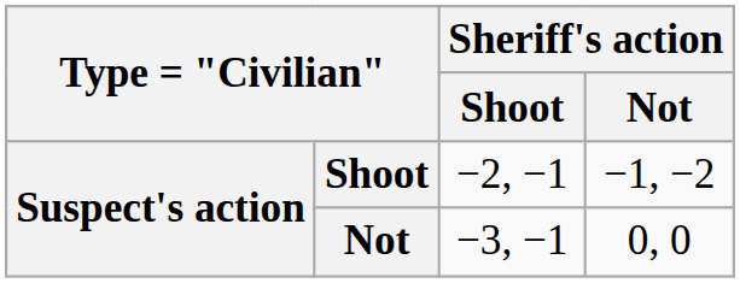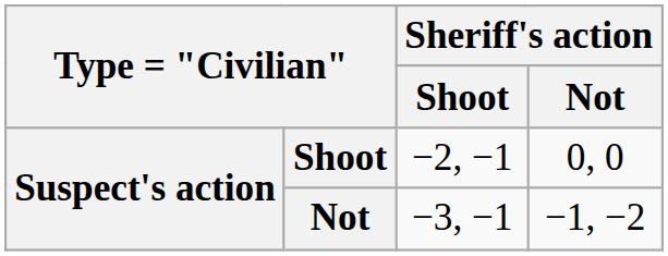 <table class="wikitable" style="text-align:center">
 <tr>
 <th colspan="2" rowspan="2">Type = "Civilian"</th>
 <th colspan="2">Sheriff's action</th>
 </tr>
 <tr>
 <th>Shoot</th>
 <th>Not</th>
 </tr>
 <tr>
 <th rowspan="2">Suspect's action</th>
 <th>Shoot</th>
 <td>−2, −1</td>
-<td>−1, −2</td>
+<td>0, 0</td>
 </tr>
 <tr>
 <th>Not</th>
 <td>−3, −1</td>
-<td>0, 0</td>
+<td>−1, −2</td>
 </tr>
 </table>
